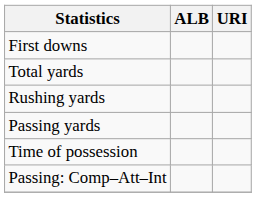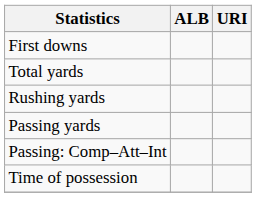 <table class="wikitable" style="float: left;">
 <tr>
 <th>Statistics</th>
 <th>ALB</th>
 <th>URI</th>
 </tr>
 <tr>
 <td>First downs</td>
 <td></td>
 <td></td>
 </tr>
 <tr>
 <td>Total yards</td>
 <td></td>
 <td></td>
 </tr>
 <tr>
 <td>Rushing yards</td>
 <td></td>
 <td></td>
 </tr>
 <tr>
 <td>Passing yards</td>
 <td></td>
 <td></td>
 </tr>
 <tr>
-<td>Time of possession</td>
+<td>Passing: Comp–Att–Int</td>
 <td></td>
 <td></td>
 </tr>
 <tr>
-<td>Passing: Comp–Att–Int</td>
+<td>Time of possession</td>
 <td></td>
 <td></td>
 </tr>
 <tr>
 </tr>
 </table>
